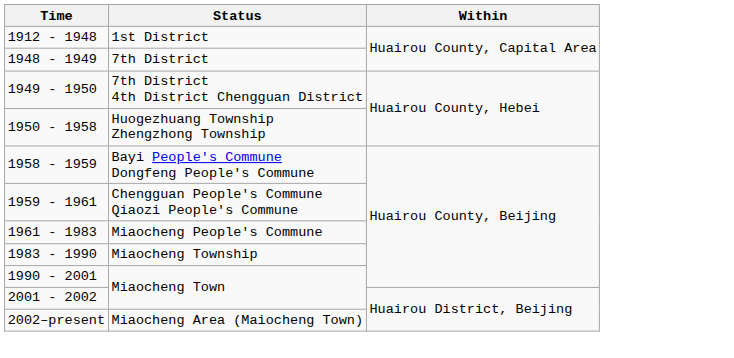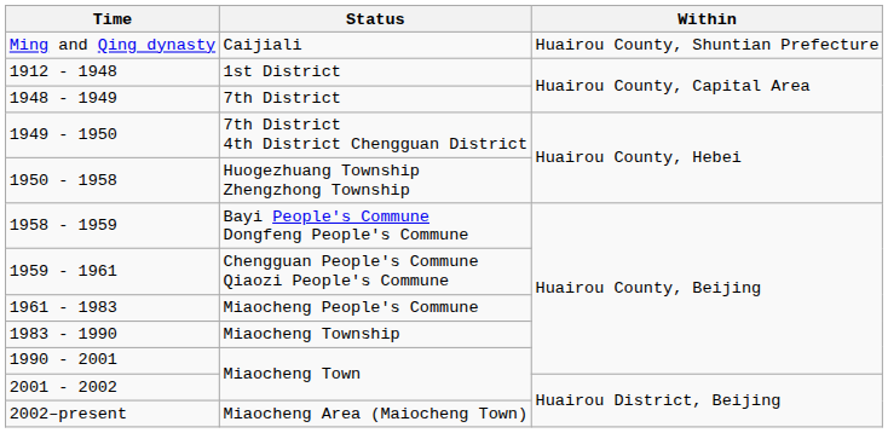 <table class="wikitable">
 <tr>
 <th>Time</th>
 <th>Status</th>
 <th>Within</th>
+</tr>
+<tr>
+<td><a href='#'>Ming</a> and <a href='#'>Qing dynasty</a></td>
+<td>Caijiali</td>
+<td>Huairou County, Shuntian Prefecture</td>
 </tr>
 <tr>
 <td>1912 - 1948</td>
 <td>1st District</td>
 <td rowspan="2">Huairou County, Capital Area</td>
 </tr>
 <tr>
 <td>1948 - 1949</td>
 <td>7th District</td>
 </tr>
 <tr>
 <td>1949 - 1950</td>
 <td>7th District<br>4th District Chengguan District</td>
 <td rowspan="2">Huairou County, Hebei</td>
 </tr>
 <tr>
 <td>1950 - 1958</td>
 <td>Huogezhuang Township<br>Zhengzhong Township</td>
 </tr>
 <tr>
 <td>1958 - 1959</td>
 <td>Bayi <a href='#'>People's Commune</a><br>Dongfeng People's Commune</td>
 <td rowspan="5">Huairou County, Beijing</td>
 </tr>
 <tr>
 <td>1959 - 1961</td>
 <td>Chengguan People's Commune<br>Qiaozi People's Commune</td>
 </tr>
 <tr>
 <td>1961 - 1983</td>
 <td>Miaocheng People's Commune</td>
 </tr>
 <tr>
 <td>1983 - 1990</td>
 <td>Miaocheng Township</td>
 </tr>
 <tr>
 <td>1990 - 2001</td>
 <td rowspan="2">Miaocheng Town</td>
 </tr>
 <tr>
 <td>2001 - 2002</td>
 <td rowspan="2">Huairou District, Beijing</td>
 </tr>
 <tr>
 <td>2002–present</td>
 <td>Miaocheng Area (Maiocheng Town)</td>
 </tr>
 </table>
